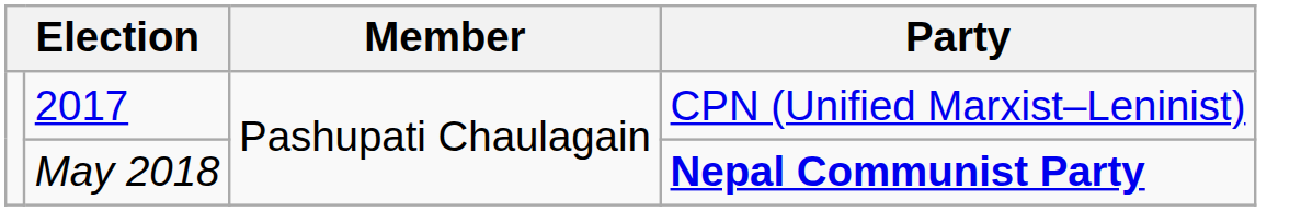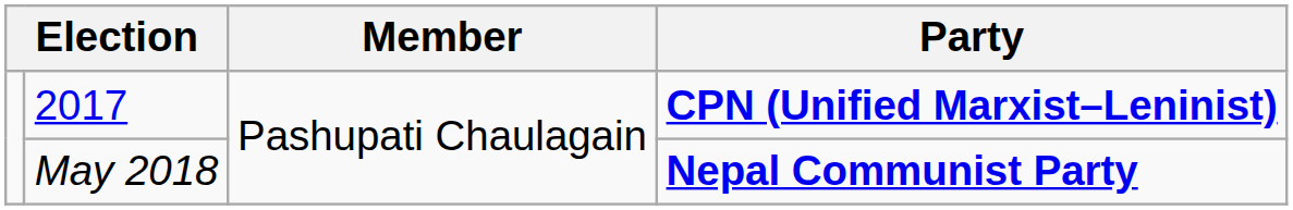 <table class="wikitable">
 <tr>
 <th colspan="2">Election</th>
 <th>Member</th>
 <th>Party</th>
 </tr>
 <tr>
 <td rowspan="2" style="background-color:"></td>
 <td><a href='#'>2017</a></td>
 <td rowspan = "2">Pashupati Chaulagain</td>
-<td><a href='#'>CPN (Unified Marxist–Leninist)</a></td>
+<td><strong><a href='#'>CPN (Unified Marxist–Leninist)</a></strong></td>
 </tr>
 <tr>
 <td><em>May 2018</em></td>
 <td><strong><a href='#'>Nepal Communist Party</a></strong></td>
 </tr>
 </table>
